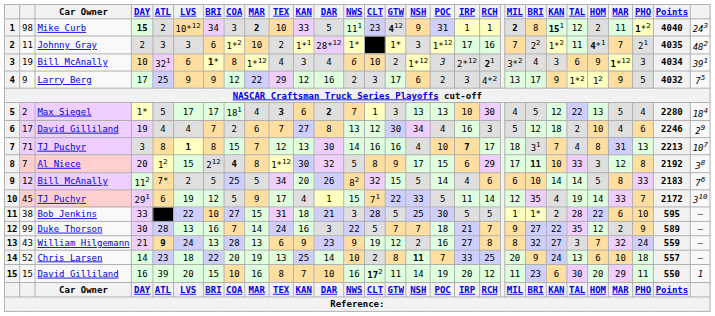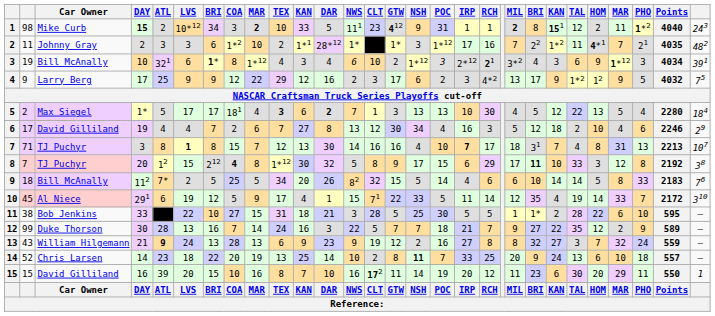 <table class="wikitable" style="font-size:77%; text-align:center;">
 <tr style="vertical-align:top">
 <th style="vertical-align:middle"></th>
 <th style="vertical-align:middle"></th>
 <th style="vertical-align:middle">Car Owner</th>
 <th><a href='#'>DAY</a></th>
 <th><a href='#'>ATL</a></th>
 <th><a href='#'>LVS</a></th>
 <th><a href='#'>BRI</a></th>
 <th><a href='#'>COA</a></th>
 <th><a href='#'>MAR</a></th>
 <th><a href='#'>TEX</a></th>
 <th><a href='#'>KAN</a></th>
 <th><a href='#'>DAR</a></th>
 <th><a href='#'>NWS</a></th>
 <th><a href='#'>CLT</a></th>
 <th><a href='#'>GTW</a></th>
 <th><a href='#'>NSH</a></th>
 <th><a href='#'>POC</a></th>
 <th><a href='#'>IRP</a></th>
 <th><a href='#'>RCH</a></th>
 <th rowspan=5></th>
 <th><a href='#'>MIL</a></th>
 <th><a href='#'>BRI</a></th>
 <th><a href='#'>KAN</a></th>
 <th><a href='#'>TAL</a></th>
 <th><a href='#'>HOM</a></th>
 <th><a href='#'>MAR</a></th>
 <th><a href='#'>PHO</a></th>
 <th style="vertical-align:middle"><a href='#'>Points</a></th>
 <th style="vertical-align:middle"></th>
 </tr>
 <tr>
 <th>1</th>
 <td style="text-align:left">98</td>
 <td style="text-align:left"><a href='#'>Mike Curb</a></td>
 <td style="background:#DFFFDF;"><strong>15</strong></td>
 <td style="background:#DFDFDF;">2</td>
 <td style="background:#FFDF9F;">10*<sup>12</sup></td>
 <td style="background:#EFCFFF;">34</td>
 <td style="background:#DFDFDF;">3</td>
 <td style="background:#DFDFDF;"><strong>2</strong></td>
 <td style="background:#FFDF9F;">10</td>
 <td style="background:#EFCFFF;">33</td>
 <td style="background:#DFDFDF;">5</td>
 <td style="background:#DFFFDF;">11<sup>1</sup></td>
 <td style="background:#CFCFFF;">23</td>
 <td style="background:#DFDFDF;"><strong>4</strong><sup>12</sup></td>
 <td style="background:#FFDF9F;">9</td>
 <td style="background:#CFCFFF;">31</td>
 <td style="background:#FFFFBF;">1</td>
 <td style="background:#FFFFBF;">1</td>
 <td style="background:#DFDFDF;"><strong>2</strong></td>
 <td style="background:#FFDF9F;">8</td>
 <td style="background:#DFFFDF;"><strong>15</strong><sup>1</sup></td>
 <td style="background:#DFFFDF;">12</td>
 <td style="background:#DFDFDF;">2</td>
 <td style="background:#DFFFDF;">11</td>
 <td style="background:#FFFFBF;"><strong>1</strong>*<sup>2</sup></td>
 <th>4040</th>
 <td><em>24<sup>3</sup></em></td>
 </tr>
 <tr>
 <th>2</th>
 <td style="text-align:left">11</td>
 <td style="text-align:left"><a href='#'>Johnny Gray</a></td>
 <td style="background:#DFDFDF;">2</td>
 <td style="background:#DFDFDF;">3</td>
 <td style="background:#DFDFDF;">3</td>
 <td style="background:#FFDF9F;">6</td>
 <td style="background:#FFFFBF;">1*<sup>2</sup></td>
 <td style="background:#FFDF9F;">10</td>
 <td style="background:#DFDFDF;">2</td>
 <td style="background:#FFFFBF;">1*<sup>1</sup></td>
 <td style="background:#EFCFFF;">28*<sup>12</sup></td>
 <td style="background:#FFFFBF;">1*</td>
 <td style="background:#000000; color:white;"></td>
 <td style="background:#FFFFBF;">1*</td>
 <td style="background:#DFDFDF;">3</td>
 <td style="background:#FFFFBF;">1*<sup>12</sup></td>
 <td style="background:#DFFFDF;">17</td>
 <td style="background:#DFFFDF;">16</td>
 <td style="background:#FFDF9F;">7</td>
 <td style="background:#DFDFDF;">2<sup>2</sup></td>
 <td style="background:#FFFFBF;">1*<sup>2</sup></td>
 <td style="background:#DFFFDF;">11</td>
 <td style="background:#DFDFDF;"><strong>4</strong>*<sup>1</sup></td>
 <td style="background:#FFDF9F;">7</td>
 <td style="background:#DFDFDF;">2<sup>1</sup></td>
 <th>4035</th>
 <td><em>48<sup>2</sup></em></td>
 </tr>
 <tr>
 <th>3</th>
 <td style="text-align:left">19</td>
 <td style="text-align:left" nowrap><a href='#'>Bill McAnally</a></td>
 <td style="background:#FFDF9F;">10</td>
 <td style="background:#EFCFFF;">32<sup>1</sup></td>
 <td style="background:#FFDF9F;">6</td>
 <td style="background:#FFFFBF;"><strong>1</strong>*</td>
 <td style="background:#FFDF9F;">8</td>
 <td style="background:#FFFFBF;">1*<sup>12</sup></td>
 <td style="background:#DFDFDF;">4</td>
 <td style="background:#DFDFDF;">3</td>
 <td style="background:#DFDFDF;">4</td>
 <td style="background:#FFDF9F;"><em>6</em></td>
 <td style="background:#FFDF9F;">10</td>
 <td style="background:#DFDFDF;">2</td>
 <td style="background:#FFFFBF;">1*<sup>12</sup></td>
 <td style="background:#DFDFDF;"><em>3</em></td>
 <td style="background:#DFDFDF;">2*<sup>12</sup></td>
 <td style="background:#DFDFDF;"><strong>2</strong><sup>1</sup></td>
 <td style="background:#DFDFDF;">3*<sup>2</sup></td>
 <td style="background:#DFDFDF;">4</td>
 <td style="background:#DFDFDF;">3</td>
 <td style="background:#FFDF9F;">6</td>
 <td style="background:#FFDF9F;">9</td>
 <td style="background:#FFFFBF;"><strong>1</strong>*<sup>12</sup></td>
 <td style="background:#DFDFDF;">3</td>
 <th>4034</th>
 <td><em>39<sup>1</sup></em></td>
 </tr>
 <tr>
 <th>4</th>
 <td style="text-align:left">9</td>
 <td style="text-align:left"><a href='#'>Larry Berg</a></td>
 <td style="background:#DFFFDF;">17</td>
 <td style="background:#CFCFFF;">25</td>
 <td style="background:#FFDF9F;">9</td>
 <td style="background:#FFDF9F;">9</td>
 <td style="background:#DFFFDF;">12</td>
 <td style="background:#CFCFFF;">22</td>
 <td style="background:#EFCFFF;">29</td>
 <td style="background:#DFFFDF;">12</td>
 <td style="background:#DFFFDF;">16</td>
 <td style="background:#DFDFDF;">2</td>
 <td style="background:#DFDFDF;">3</td>
 <td style="background:#DFFFDF;">17</td>
 <td style="background:#FFDF9F;">6</td>
 <td style="background:#DFDFDF;">2</td>
 <td style="background:#DFDFDF;">3</td>
 <td style="background:#DFDFDF;">4*<sup>2</sup></td>
 <td style="background:#DFFFDF;">13</td>
 <td style="background:#DFFFDF;">17</td>
 <td style="background:#FFDF9F;">9</td>
 <td style="background:#FFFFBF;">1*<sup>2</sup></td>
 <td style="background:#FFFFBF;">1<sup>2</sup></td>
 <td style="background:#FFDF9F;">9</td>
 <td style="background:#DFDFDF;">5</td>
 <th>4032</th>
 <td><em>7<sup>5</sup></em></td>
 </tr>
 <tr>
 <th colspan="30"><a href='#'>NASCAR Craftsman Truck Series Playoffs</a> cut-off</th>
 </tr>
 <tr>
 <th>5</th>
 <td style="background:#efcfff" align="left">2</td>
 <td style="background:#efcfff" align="left"><a href='#'>Max Siegel</a></td>
 <td style="background:#FFFFBF;">1*</td>
 <td style="background:#DFDFDF;">5</td>
 <td style="background:#DFFFDF;">17</td>
 <td style="background:#DFFFDF;">17</td>
 <td style="background:#DFFFDF;">18<sup>1</sup></td>
 <td style="background:#DFDFDF;">4</td>
 <td style="background:#DFDFDF;"><strong>3</strong></td>
 <td style="background:#FFDF9F;">6</td>
 <td style="background:#DFDFDF;"><strong>2</strong></td>
 <td style="background:#FFDF9F;">7</td>
 <td style="background:#FFFFBF;">1</td>
 <td style="background:#DFDFDF;">3</td>
 <td style="background:#DFFFDF;">13</td>
 <td style="background:#DFFFDF;">13</td>
 <td style="background:#FFDF9F;">10</td>
 <td style="background:#EFCFFF;">30</td>
 <th rowspan=12></th>
 <td style="background:#DFDFDF;">4</td>
 <td style="background:#DFDFDF;">5</td>
 <td style="background:#DFFFDF;">12</td>
 <td style="background:#CFCFFF;">22</td>
 <td style="background:#DFFFDF;">13</td>
 <td style="background:#DFDFDF;">5</td>
 <td style="background:#DFDFDF;">4</td>
 <th>2280</th>
 <td><em>18<sup>4</sup></em></td>
 </tr>
 <tr>
 <th>6</th>
 <td style="background:#efcfff" align="left">17</td>
 <td style="background:#efcfff" align="left" nowrap><a href='#'>David Gilliland</a></td>
 <td style="background:#EFCFFF;">19</td>
 <td style="background:#DFDFDF;">4</td>
 <td style="background:#DFDFDF;">4</td>
 <td style="background:#FFDF9F;">7</td>
 <td style="background:#DFDFDF;">2</td>
 <td style="background:#FFDF9F;">6</td>
 <td style="background:#FFDF9F;">7</td>
 <td style="background:#CFCFFF;">27</td>
 <td style="background:#FFDF9F;">8</td>
 <td style="background:#DFFFDF;">13</td>
 <td style="background:#DFFFDF;">12</td>
 <td style="background:#CFCFFF;">30</td>
 <td style="background:#EFCFFF;">34</td>
 <td style="background:#DFDFDF;">4</td>
 <td style="background:#DFFFDF;">16</td>
 <td style="background:#DFDFDF;">3</td>
 <td style="background:#DFDFDF;">5</td>
 <td style="background:#DFFFDF;">12</td>
 <td style="background:#DFFFDF;">18</td>
 <td style="background:#DFDFDF;">2</td>
 <td style="background:#FFDF9F;">10</td>
 <td style="background:#DFDFDF;">4</td>
 <td style="background:#FFDF9F;">6</td>
 <th>2246</th>
 <td><em>2<sup>9</sup></em></td>
 </tr>
 <tr>
 <th>7</th>
 <td style="background:#efcfff" align="left">71</td>
 <td style="background:#efcfff" align="left"><a href='#'>TJ Puchyr</a></td>
 <td style="background:#DFDFDF;">3</td>
 <td style="background:#FFDF9F;">8</td>
 <td style="background:#FFFFBF;"><strong>1</strong></td>
 <td style="background:#FFDF9F;">8</td>
 <td style="background:#DFFFDF;">15</td>
 <td style="background:#FFDF9F;">7</td>
 <td style="background:#DFFFDF;">12</td>
 <td style="background:#DFFFDF;">13</td>
 <td style="background:#EFCFFF;">30</td>
 <td style="background:#DFFFDF;">14</td>
 <td style="background:#DFFFDF;">16</td>
 <td style="background:#DFFFDF;">16</td>
 <td style="background:#DFDFDF;">4</td>
 <td style="background:#FFDF9F;">10</td>
 <td style="background:#FFDF9F;"><strong>7</strong></td>
 <td style="background:#DFFFDF;">17</td>
 <td style="background:#DFFFDF;">18</td>
 <td style="background:#DFDFDF;">3<sup>1</sup></td>
 <td style="background:#FFDF9F;">7</td>
 <td style="background:#DFDFDF;">4</td>
 <td style="background:#FFDF9F;">8</td>
 <td style="background:#CFCFFF;">31</td>
 <td style="background:#DFFFDF;">13</td>
 <th>2213</th>
 <td><em>10<sup>7</sup></em></td>
 </tr>
 <tr>
 <th>8</th>
 <td style="background:#ffcfcf" align="left">7</td>
-<td style="background:#ffcfcf" align="left"><a href='#'>Al Niece</a></td>
+<td style="background:#ffcfcf" align="left"><a href='#'>TJ Puchyr</a></td>
 <td style="background:#EFCFFF;">20</td>
 <td style="background:#FFFFBF;">1<sup>2</sup></td>
 <td style="background:#DFFFDF;">15</td>
 <td style="background:#DFDFDF;">2<sup>12</sup></td>
 <td style="background:#DFDFDF;"><strong>4</strong></td>
 <td style="background:#FFDF9F;">8</td>
 <td style="background:#FFFFBF;">1*<sup>12</sup></td>
 <td style="background:#CFCFFF;">30</td>
 <td style="background:#EFCFFF;">32</td>
 <td style="background:#DFDFDF;">5</td>
 <td style="background:#FFDF9F;">8</td>
 <td style="background:#FFDF9F;">9</td>
 <td style="background:#DFFFDF;">17</td>
 <td style="background:#DFFFDF;">15</td>
 <td style="background:#FFDF9F;">6</td>
 <td style="background:#EFCFFF;">29</td>
 <td style="background:#DFFFDF;">17</td>
 <td style="background:#DFFFDF;"><strong>11</strong></td>
 <td style="background:#FFDF9F;">10</td>
 <td style="background:#EFCFFF;">33</td>
 <td style="background:#DFDFDF;">3</td>
 <td style="background:#DFFFDF;">12</td>
 <td style="background:#FFDF9F;">8</td>
 <th>2192</th>
 <td><em>3<sup>8</sup></em></td>
 </tr>
 <tr>
 <th>9</th>
-<td style="background:#efcfff" align="left">12</td>
+<td style="background:#efcfff" align="left">18</td>
 <td style="background:#efcfff" align="left"><a href='#'>Bill McAnally</a></td>
 <td style="background:#DFFFDF;">11<sup>2</sup></td>
 <td style="background:#FFDF9F;">7*</td>
 <td style="background:#DFDFDF;">2</td>
 <td style="background:#DFDFDF;">5</td>
 <td style="background:#CFCFFF;">25</td>
 <td style="background:#DFDFDF;">5</td>
 <td style="background:#EFCFFF;">34</td>
 <td style="background:#DFFFDF;">20</td>
 <td style="background:#CFCFFF;">26</td>
 <td style="background:#FFDF9F;">8<sup>2</sup></td>
 <td style="background:#EFCFFF;">32</td>
 <td style="background:#DFFFDF;">15</td>
 <td style="background:#DFDFDF;">5</td>
 <td style="background:#DFFFDF;">14</td>
 <td style="background:#DFDFDF;">4</td>
 <td style="background:#FFDF9F;">6</td>
 <td style="background:#FFDF9F;">6</td>
 <td style="background:#FFDF9F;">10</td>
 <td style="background:#DFFFDF;">14</td>
 <td style="background:#DFFFDF;">14</td>
 <td style="background:#DFDFDF;">5</td>
 <td style="background:#FFDF9F;">8</td>
 <td style="background:#EFCFFF;">33</td>
 <th>2183</th>
 <td><em>7<sup>6</sup></em></td>
 </tr>
 <tr>
 <th>10</th>
 <td style="background:#ffcfcf" align="left">45</td>
-<td style="background:#ffcfcf" align="left"><a href='#'>TJ Puchyr</a></td>
+<td style="background:#ffcfcf" align="left"><a href='#'>Al Niece</a></td>
 <td style="background:#EFCFFF;">29<sup>1</sup></td>
 <td style="background:#FFDF9F;">6</td>
 <td style="background:#DFFFDF;">19</td>
 <td style="background:#DFFFDF;">12</td>
 <td style="background:#DFDFDF;">5</td>
 <td style="background:#FFDF9F;">9</td>
 <td style="background:#DFFFDF;">17</td>
 <td style="background:#DFDFDF;">4</td>
 <td style="background:#FFFFBF;">1</td>
 <td style="background:#DFFFDF;">15</td>
 <td style="background:#FFDF9F;">7<sup>1</sup></td>
 <td style="background:#CFCFFF;">22</td>
 <td style="background:#CFCFFF;">33</td>
 <td style="background:#DFDFDF;">5</td>
 <td style="background:#DFFFDF;">11</td>
 <td style="background:#DFFFDF;">14</td>
 <td style="background:#DFFFDF;">12</td>
 <td style="background:#EFCFFF;">35</td>
 <td style="background:#DFDFDF;">4</td>
 <td style="background:#DFFFDF;">19</td>
 <td style="background:#DFFFDF;">14</td>
 <td style="background:#EFCFFF;">33</td>
 <td style="background:#FFDF9F;">7</td>
 <th>2172</th>
 <td><em>3<sup>10</sup></em></td>
 </tr>
 <tr>
 <th>11</th>
 <td style="text-align:left">38</td>
 <td style="text-align:left"><a href='#'>Bob Jenkins</a></td>
 <td style="background:#EFCFFF;">33</td>
 <td style="background:#000000; color:white;"></td>
 <td style="background:#CFCFFF;">22</td>
 <td style="background:#FFDF9F;">10</td>
 <td style="background:#CFCFFF;">27</td>
 <td style="background:#DFFFDF;">15</td>
 <td style="background:#EFCFFF;">31</td>
 <td style="background:#DFFFDF;">18</td>
 <td style="background:#CFCFFF;">21</td>
 <td style="background:#DFDFDF;">3</td>
 <td style="background:#CFCFFF;">28</td>
 <td style="background:#DFDFDF;">5</td>
 <td style="background:#CFCFFF;">25</td>
 <td style="background:#CFCFFF;">30</td>
 <td style="background:#DFDFDF;">5</td>
 <td style="background:#DFDFDF;">5</td>
 <td style="background:#FFFFBF;">1</td>
 <td style="background:#FFFFBF;">1*</td>
 <td style="background:#DFDFDF;">2</td>
 <td style="background:#EFCFFF;">28</td>
 <td style="background:#CFCFFF;">22</td>
 <td style="background:#FFDF9F;">6</td>
 <td style="background:#FFDF9F;">10</td>
 <th>595</th>
 <td><em>–</em></td>
 </tr>
 <tr>
 <th>12</th>
 <td style="text-align:left">99</td>
 <td style="text-align:left"><a href='#'>Duke Thorson</a></td>
 <td style="background:#EFCFFF;">30</td>
 <td style="background:#CFCFFF;">28</td>
 <td style="background:#DFFFDF;">13</td>
 <td style="background:#DFFFDF;">16</td>
 <td style="background:#FFDF9F;">7</td>
 <td style="background:#DFFFDF;">14</td>
 <td style="background:#CFCFFF;">24</td>
 <td style="background:#DFFFDF;">16</td>
 <td style="background:#DFDFDF;">3</td>
 <td style="background:#CFCFFF;">22</td>
 <td style="background:#DFDFDF;">5</td>
 <td style="background:#FFDF9F;">7</td>
 <td style="background:#FFDF9F;">7</td>
 <td style="background:#DFFFDF;">18</td>
 <td style="background:#CFCFFF;">21</td>
 <td style="background:#FFDF9F;">7</td>
 <td style="background:#FFDF9F;">9</td>
 <td style="background:#CFCFFF;">27</td>
 <td style="background:#CFCFFF;">22</td>
 <td style="background:#EFCFFF;">35</td>
 <td style="background:#DFFFDF;">12</td>
 <td style="background:#DFDFDF;">2</td>
 <td style="background:#FFDF9F;">9</td>
 <th>589</th>
 <td><em>–</em></td>
 </tr>
 <tr>
 <th>13</th>
 <td style="text-align:left">43</td>
 <td style="text-align:left"><a href='#'>William Hilgemann</a></td>
 <td style="background:#EFCFFF;">21</td>
 <td style="background:#FFDF9F;"><strong>9</strong></td>
 <td style="background:#CFCFFF;">24</td>
 <td style="background:#DFFFDF;">13</td>
 <td style="background:#CFCFFF;">28</td>
 <td style="background:#DFFFDF;">13</td>
 <td style="background:#FFDF9F;">6</td>
 <td style="background:#FFDF9F;">9</td>
 <td style="background:#CFCFFF;">23</td>
 <td style="background:#FFDF9F;">9</td>
 <td style="background:#DFFFDF;">19</td>
 <td style="background:#DFFFDF;">12</td>
 <td style="background:#DFDFDF;">2</td>
 <td style="background:#DFFFDF;">16</td>
 <td style="background:#CFCFFF;">27</td>
 <td style="background:#FFDF9F;">8</td>
 <td style="background:#FFDF9F;">8</td>
 <td style="background:#CFCFFF;">32</td>
 <td style="background:#CFCFFF;">27</td>
 <td style="background:#DFDFDF;">3</td>
 <td style="background:#FFDF9F;">7</td>
 <td style="background:#EFCFFF;">32</td>
 <td style="background:#CFCFFF;">24</td>
 <th>559</th>
 <td><em>–</em></td>
 </tr>
 <tr>
 <th>14</th>
 <td style="text-align:left">52</td>
 <td style="text-align:left"><a href='#'>Chris Larsen</a></td>
 <td style="background:#DFFFDF;">14</td>
 <td style="background:#CFCFFF;">23</td>
 <td style="background:#DFFFDF;">18</td>
 <td style="background:#CFCFFF;">22</td>
 <td style="background:#DFFFDF;">20</td>
 <td style="background:#DFFFDF;">19</td>
 <td style="background:#DFFFDF;">13</td>
 <td style="background:#CFCFFF;">25</td>
 <td style="background:#DFFFDF;">14</td>
 <td style="background:#FFDF9F;">10</td>
 <td style="background:#DFDFDF;">2</td>
 <td style="background:#FFDF9F;">8</td>
 <td style="background:#DFFFDF;"><strong>11</strong></td>
 <td style="background:#FFDF9F;">7</td>
 <td style="background:#CFCFFF;">33</td>
 <td style="background:#CFCFFF;">25</td>
 <td style="background:#DFFFDF;">20</td>
 <td style="background:#FFDF9F;">9</td>
 <td style="background:#CFCFFF;">24</td>
 <td style="background:#DFFFDF;">13</td>
 <td style="background:#FFDF9F;">6</td>
 <td style="background:#FFDF9F;">10</td>
 <td style="background:#DFFFDF;">18</td>
 <th>557</th>
 <td><em>–</em></td>
 </tr>
 <tr>
 <th>15</th>
 <td style="text-align:left">15</td>
 <td style="text-align:left"><a href='#'>David Gilliland</a></td>
 <td style="background:#DFFFDF;">16</td>
 <td style="background:#DFFFDF;">39</td>
 <td style="background:#DFFFDF;">20</td>
 <td style="background:#DFFFDF;">15</td>
 <td style="background:#FFDF9F;">10</td>
 <td style="background:#DFFFDF;">16</td>
 <td style="background:#FFDF9F;">8</td>
 <td style="background:#FFDF9F;">7</td>
 <td style="background:#FFDF9F;">10</td>
 <td style="background:#DFFFDF;">16</td>
 <td style="background:#DFFFDF;"><strong>17</strong><sup>2</sup></td>
 <td style="background:#DFFFDF;">11</td>
 <td style="background:#DFFFDF;">14</td>
 <td style="background:#DFFFDF;">19</td>
 <td style="background:#DFFFDF;">20</td>
 <td style="background:#DFFFDF;">12</td>
 <td style="background:#DFFFDF;">11</td>
 <td style="background:#CFCFFF;">23</td>
 <td style="background:#FFDF9F;">6</td>
 <td style="background:#EFCFFF;">30</td>
 <td style="background:#DFFFDF;">20</td>
 <td style="background:#EFCFFF;">29</td>
 <td style="background:#DFFFDF;">11</td>
 <th>550</th>
 <td><em>1</em></td>
 </tr>
 <tr>
 <th style="vertical-align:middle"></th>
 <th style="vertical-align:middle"></th>
 <th style="vertical-align:middle">Car Owner</th>
 <th><a href='#'>DAY</a></th>
 <th><a href='#'>ATL</a></th>
 <th><a href='#'>LVS</a></th>
 <th><a href='#'>BRI</a></th>
 <th><a href='#'>COA</a></th>
 <th><a href='#'>MAR</a></th>
 <th><a href='#'>TEX</a></th>
 <th><a href='#'>KAN</a></th>
 <th><a href='#'>DAR</a></th>
 <th><a href='#'>NWS</a></th>
 <th><a href='#'>CLT</a></th>
 <th><a href='#'>GTW</a></th>
 <th><a href='#'>NSH</a></th>
 <th><a href='#'>POC</a></th>
 <th><a href='#'>IRP</a></th>
 <th><a href='#'>RCH</a></th>
 <th><a href='#'>MIL</a></th>
 <th><a href='#'>BRI</a></th>
 <th><a href='#'>KAN</a></th>
 <th><a href='#'>TAL</a></th>
 <th><a href='#'>HOM</a></th>
 <th><a href='#'>MAR</a></th>
 <th><a href='#'>PHO</a></th>
 <th style="vertical-align:middle"><a href='#'>Points</a></th>
 <th style="vertical-align:middle"></th>
 </tr>
 <tr>
 <th colspan="34">Reference:</th>
 </tr>
 </table>
